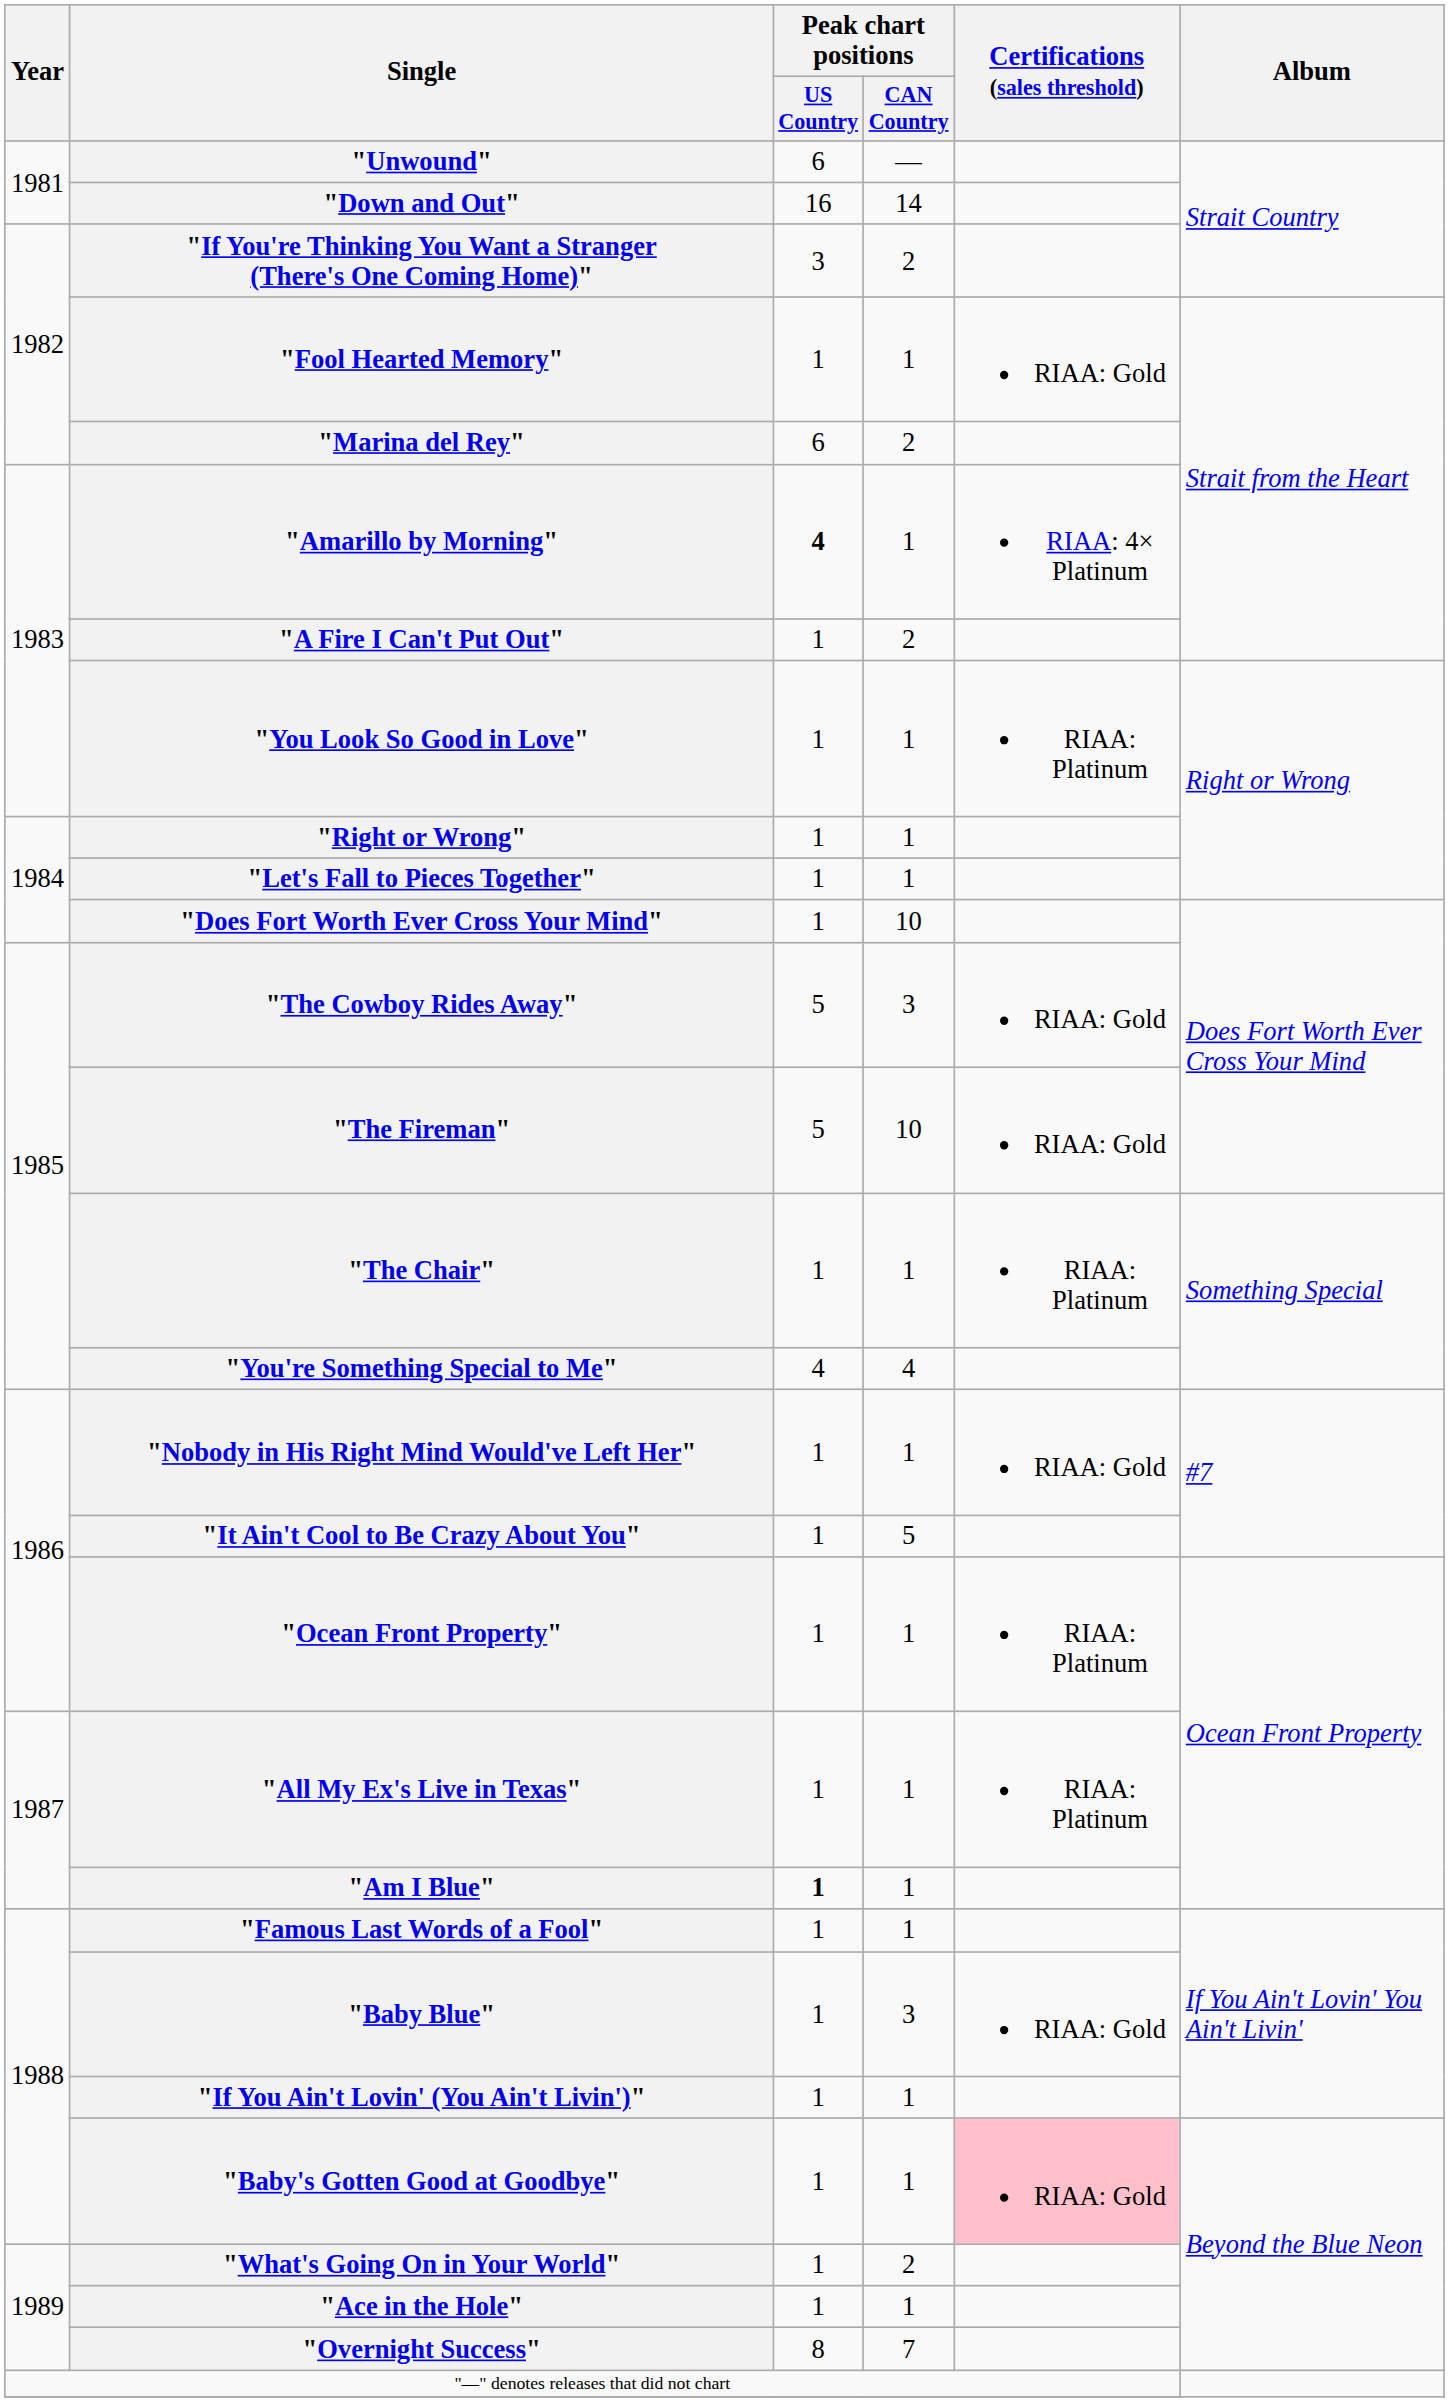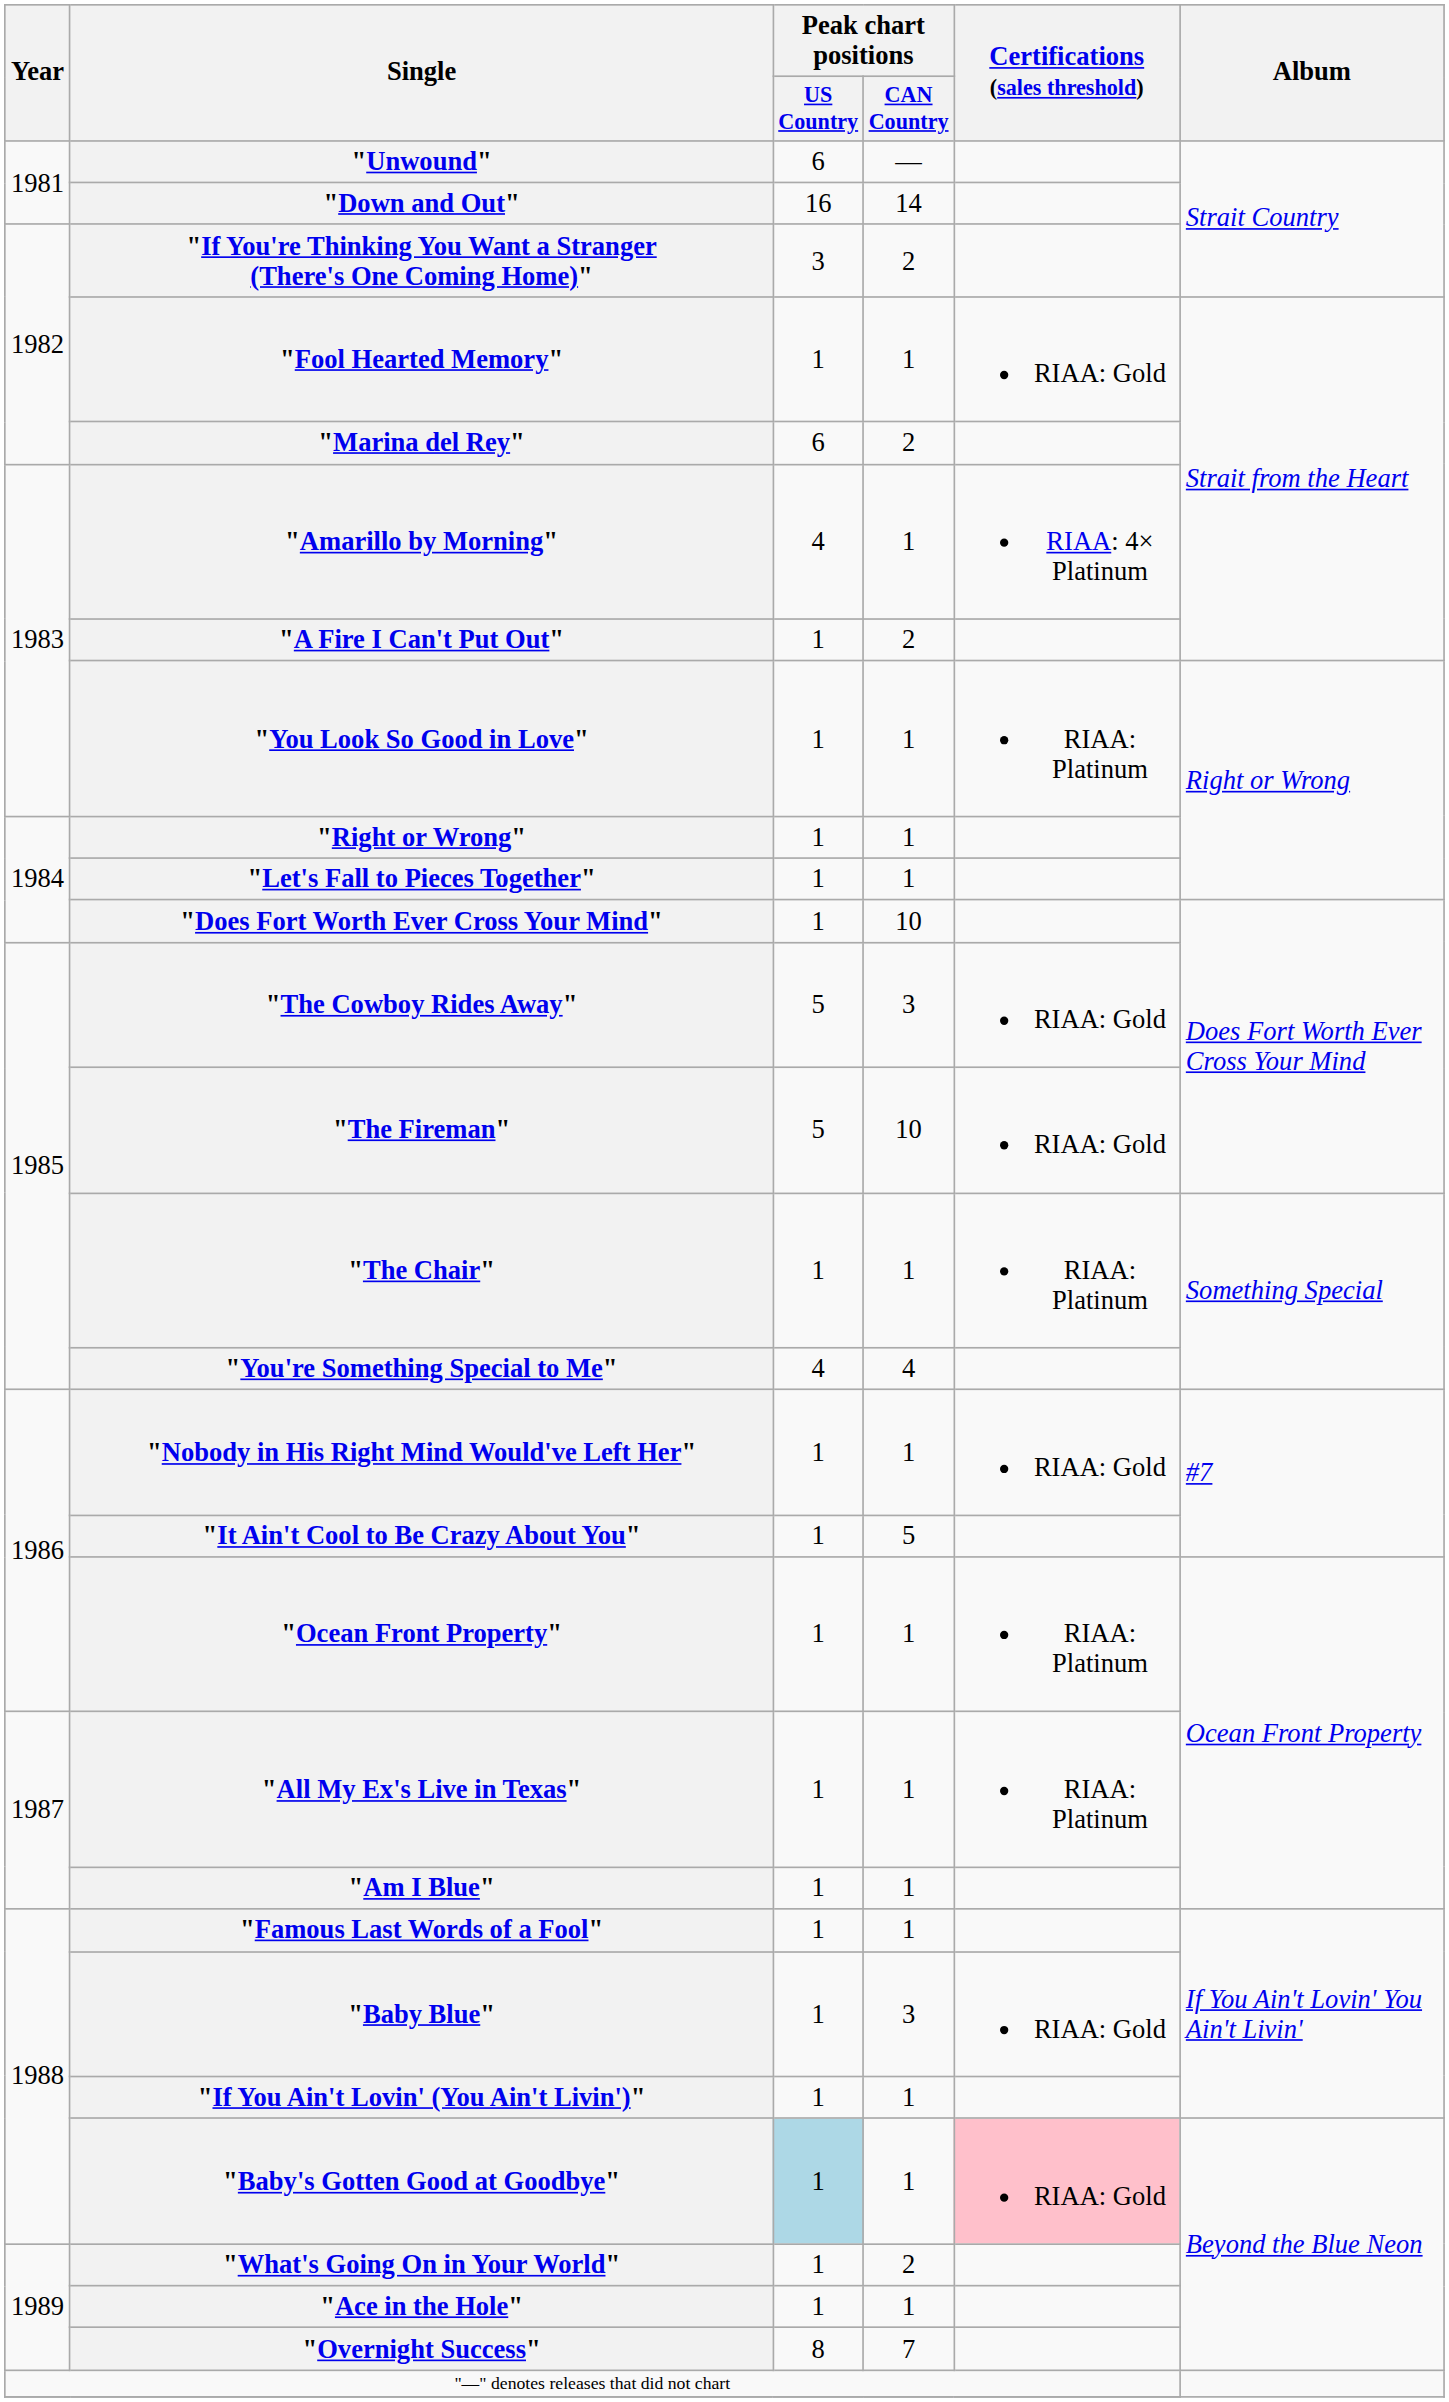 <table class="wikitable plainrowheaders" style="text-align:center;">
 <tr>
 <th rowspan=2>Year</th>
 <th rowspan=2 style=width:26em;>Single</th>
 <th colspan=2>Peak chart<br>positions</th>
 <th rowspan=2><a href='#'>Certifications</a><br><small>(<a href='#'>sales threshold</a>)</small></th>
 <th rowspan=2>Album</th>
 </tr>
 <tr style="font-size:smaller;">
 <th width=45><a href='#'>US Country</a><br></th>
 <th width=45><a href='#'>CAN Country</a><br></th>
 </tr>
 <tr>
 <td rowspan=2>1981</td>
 <th scope=row>"<a href='#'>Unwound</a>"</th>
 <td>6</td>
 <td>—</td>
 <td></td>
 <td rowspan=3 align=left><em><a href='#'>Strait Country</a></em></td>
 </tr>
 <tr>
 <th scope=row>"<a href='#'>Down and Out</a>"</th>
 <td>16</td>
 <td>14</td>
 <td></td>
 </tr>
 <tr>
 <td rowspan=3>1982</td>
 <th scope=row>"<a href='#'>If You're Thinking You Want a Stranger<br>(There's One Coming Home)</a>"</th>
 <td>3</td>
 <td>2</td>
 <td></td>
 </tr>
 <tr>
 <th scope=row>"<a href='#'>Fool Hearted Memory</a>"</th>
 <td>1</td>
 <td>1</td>
 <td><br><ul><li>RIAA: Gold</li></ul></td>
 <td rowspan=4 align=left><em><a href='#'>Strait from the Heart</a></em></td>
 </tr>
 <tr>
 <th scope=row>"<a href='#'>Marina del Rey</a>"</th>
 <td>6</td>
 <td>2</td>
 <td></td>
 </tr>
 <tr>
 <td rowspan=3>1983</td>
 <th scope=row>"<a href='#'>Amarillo by Morning</a>"</th>
-<td><strong>4</strong></td>
+<td>4</td>
 <td>1</td>
 <td><br><ul><li><a href='#'>RIAA</a>: 4× Platinum</li></ul></td>
 </tr>
 <tr>
 <th scope=row>"<a href='#'>A Fire I Can't Put Out</a>"</th>
 <td>1</td>
 <td>2</td>
 <td></td>
 </tr>
 <tr>
 <th scope=row>"<a href='#'>You Look So Good in Love</a>"</th>
 <td>1</td>
 <td>1</td>
 <td><br><ul><li>RIAA: Platinum</li></ul></td>
 <td rowspan=3 align=left><em><a href='#'>Right or Wrong</a></em></td>
 </tr>
 <tr>
 <td rowspan=3>1984</td>
 <th scope=row>"<a href='#'>Right or Wrong</a>"</th>
 <td>1</td>
 <td>1</td>
 <td></td>
 </tr>
 <tr>
 <th scope=row>"<a href='#'>Let's Fall to Pieces Together</a>"</th>
 <td>1</td>
 <td>1</td>
 <td></td>
 </tr>
 <tr>
 <th scope=row>"<a href='#'>Does Fort Worth Ever Cross Your Mind</a>"</th>
 <td>1</td>
 <td>10</td>
 <td></td>
 <td rowspan=3 align=left><em><a href='#'>Does Fort Worth Ever Cross Your Mind</a></em></td>
 </tr>
 <tr>
 <td rowspan=4>1985</td>
 <th scope=row>"<a href='#'>The Cowboy Rides Away</a>"</th>
 <td>5</td>
 <td>3</td>
 <td><br><ul><li>RIAA: Gold</li></ul></td>
 </tr>
 <tr>
 <th scope=row>"<a href='#'>The Fireman</a>"</th>
 <td>5</td>
 <td>10</td>
 <td><br><ul><li>RIAA: Gold</li></ul></td>
 </tr>
 <tr>
 <th scope=row>"<a href='#'>The Chair</a>"</th>
 <td>1</td>
 <td>1</td>
 <td><br><ul><li>RIAA: Platinum</li></ul></td>
 <td rowspan=2 align=left><em><a href='#'>Something Special</a></em></td>
 </tr>
 <tr>
 <th scope=row>"<a href='#'>You're Something Special to Me</a>"</th>
 <td>4</td>
 <td>4</td>
 <td></td>
 </tr>
 <tr>
 <td rowspan=3>1986</td>
 <th scope=row>"<a href='#'>Nobody in His Right Mind Would've Left Her</a>"</th>
 <td>1</td>
 <td>1</td>
 <td><br><ul><li>RIAA: Gold</li></ul></td>
 <td rowspan=2 align=left><em><a href='#'>#7</a></em></td>
 </tr>
 <tr>
 <th scope=row>"<a href='#'>It Ain't Cool to Be Crazy About You</a>"</th>
 <td>1</td>
 <td>5</td>
 <td></td>
 </tr>
 <tr>
 <th scope=row>"<a href='#'>Ocean Front Property</a>"</th>
 <td>1</td>
 <td>1</td>
 <td><br><ul><li>RIAA: Platinum</li></ul></td>
 <td rowspan=3 align=left><em><a href='#'>Ocean Front Property</a></em></td>
 </tr>
 <tr>
 <td rowspan=2>1987</td>
 <th scope=row>"<a href='#'>All My Ex's Live in Texas</a>"</th>
 <td>1</td>
 <td>1</td>
 <td><br><ul><li>RIAA: Platinum</li></ul></td>
 </tr>
 <tr>
 <th scope=row>"<a href='#'>Am I Blue</a>"</th>
-<td><strong>1</strong></td>
+<td>1</td>
 <td>1</td>
 <td></td>
 </tr>
 <tr>
 <td rowspan=4>1988</td>
 <th scope=row>"<a href='#'>Famous Last Words of a Fool</a>"</th>
 <td>1</td>
 <td>1</td>
 <td></td>
 <td rowspan=3 align=left><em><a href='#'>If You Ain't Lovin' You Ain't Livin'</a></em></td>
 </tr>
 <tr>
 <th scope=row>"<a href='#'>Baby Blue</a>"</th>
 <td>1</td>
 <td>3</td>
 <td><br><ul><li>RIAA: Gold</li></ul></td>
 </tr>
 <tr>
 <th scope=row>"<a href='#'>If You Ain't Lovin' (You Ain't Livin')</a>"</th>
 <td>1</td>
 <td>1</td>
 <td></td>
 </tr>
 <tr>
 <th scope=row>"<a href='#'>Baby's Gotten Good at Goodbye</a>"</th>
-<td>1</td>
+<td style="background: lightblue;">1</td>
 <td>1</td>
 <td style="background: pink;"><br><ul><li>RIAA: Gold</li></ul></td>
 <td rowspan=4 align=left><em><a href='#'>Beyond the Blue Neon</a></em></td>
 </tr>
 <tr>
 <td rowspan=3>1989</td>
 <th scope=row>"<a href='#'>What's Going On in Your World</a>"</th>
 <td>1</td>
 <td>2</td>
 <td></td>
 </tr>
 <tr>
 <th scope=row>"<a href='#'>Ace in the Hole</a>"</th>
 <td>1</td>
 <td>1</td>
 <td></td>
 </tr>
 <tr>
 <th scope=row>"<a href='#'>Overnight Success</a>"</th>
 <td>8</td>
 <td>7</td>
 <td></td>
 </tr>
 <tr>
 <td colspan="5" style="font-size:8pt">"—" denotes releases that did not chart</td>
 </tr>
 <tr>
 </tr>
 </table>
